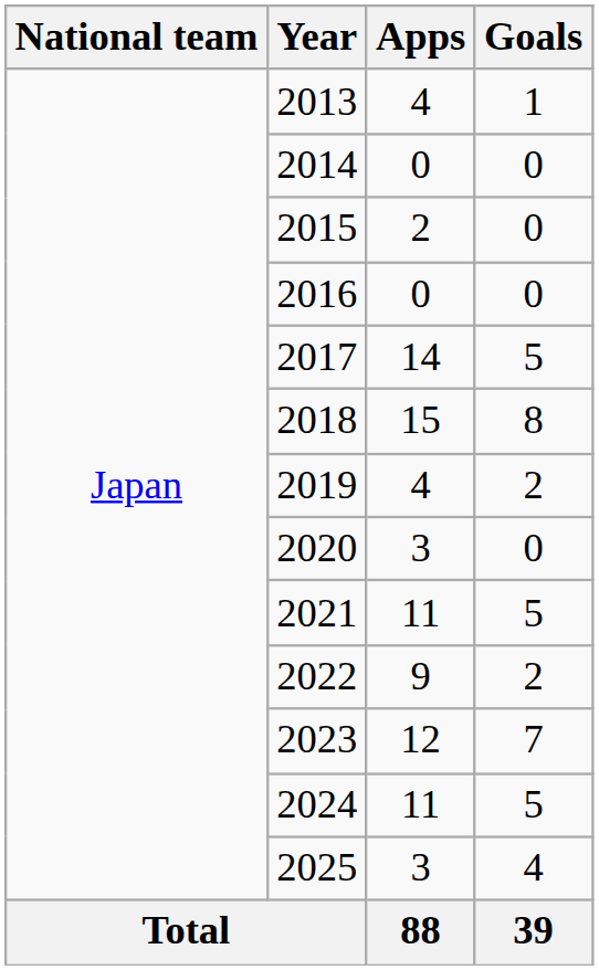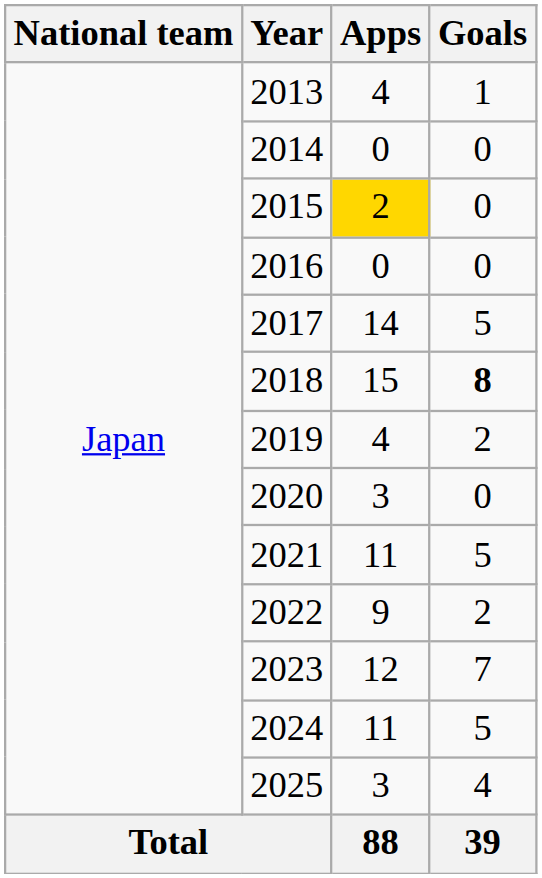 <table class="wikitable" style="text-align:center">
 <tr>
 <th>National team</th>
 <th>Year</th>
 <th>Apps</th>
 <th>Goals</th>
 </tr>
 <tr>
 <td rowspan="13"><a href='#'>Japan</a></td>
 <td>2013</td>
 <td>4</td>
 <td>1</td>
 </tr>
 <tr>
 <td>2014</td>
 <td>0</td>
 <td>0</td>
 </tr>
 <tr>
 <td>2015</td>
-<td>2</td>
+<td style="background: gold;">2</td>
 <td>0</td>
 </tr>
 <tr>
 <td>2016</td>
 <td>0</td>
 <td>0</td>
 </tr>
 <tr>
 <td>2017</td>
 <td>14</td>
 <td>5</td>
 </tr>
 <tr>
 <td>2018</td>
 <td>15</td>
-<td>8</td>
+<td><strong>8</strong></td>
 </tr>
 <tr>
 <td>2019</td>
 <td>4</td>
 <td>2</td>
 </tr>
 <tr>
 <td>2020</td>
 <td>3</td>
 <td>0</td>
 </tr>
 <tr>
 <td>2021</td>
 <td>11</td>
 <td>5</td>
 </tr>
 <tr>
 <td>2022</td>
 <td>9</td>
 <td>2</td>
 </tr>
 <tr>
 <td>2023</td>
 <td>12</td>
 <td>7</td>
 </tr>
 <tr>
 <td>2024</td>
 <td>11</td>
 <td>5</td>
 </tr>
 <tr>
 <td>2025</td>
 <td>3</td>
 <td>4</td>
 </tr>
 <tr>
 <th colspan="2">Total</th>
 <th>88</th>
 <th>39</th>
 </tr>
 </table>
